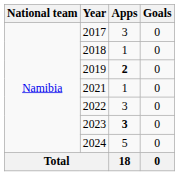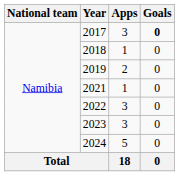 <table class=wikitable style=text-align:center>
 <tr>
 <th>National team</th>
 <th>Year</th>
 <th>Apps</th>
 <th>Goals</th>
 </tr>
 <tr>
 <td rowspan="7"><a href='#'>Namibia</a></td>
 <td>2017</td>
 <td>3</td>
-<td>0</td>
+<td><strong>0</strong></td>
 </tr>
 <tr>
 <td>2018</td>
 <td>1</td>
 <td>0</td>
 </tr>
 <tr>
 <td>2019</td>
-<td><strong>2</strong></td>
+<td>2</td>
 <td>0</td>
 </tr>
 <tr>
 <td>2021</td>
 <td>1</td>
 <td>0</td>
 </tr>
 <tr>
 <td>2022</td>
 <td>3</td>
 <td>0</td>
 </tr>
 <tr>
 <td>2023</td>
-<td><strong>3</strong></td>
+<td>3</td>
 <td>0</td>
 </tr>
 <tr>
 <td>2024</td>
 <td>5</td>
 <td>0</td>
 </tr>
 <tr>
 <th colspan="2">Total</th>
 <th>18</th>
 <th>0</th>
 </tr>
 </table>
